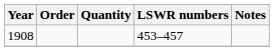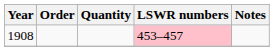 <table class="wikitable">
 <tr>
 <th>Year</th>
 <th>Order</th>
 <th>Quantity</th>
 <th>LSWR numbers</th>
 <th>Notes</th>
 </tr>
 <tr>
 <td>1908</td>
 <td></td>
 <td></td>
-<td>453–457</td>
+<td style="background: pink;">453–457</td>
 <td></td>
 </tr>
 <tr>
 </tr>
 </table>
